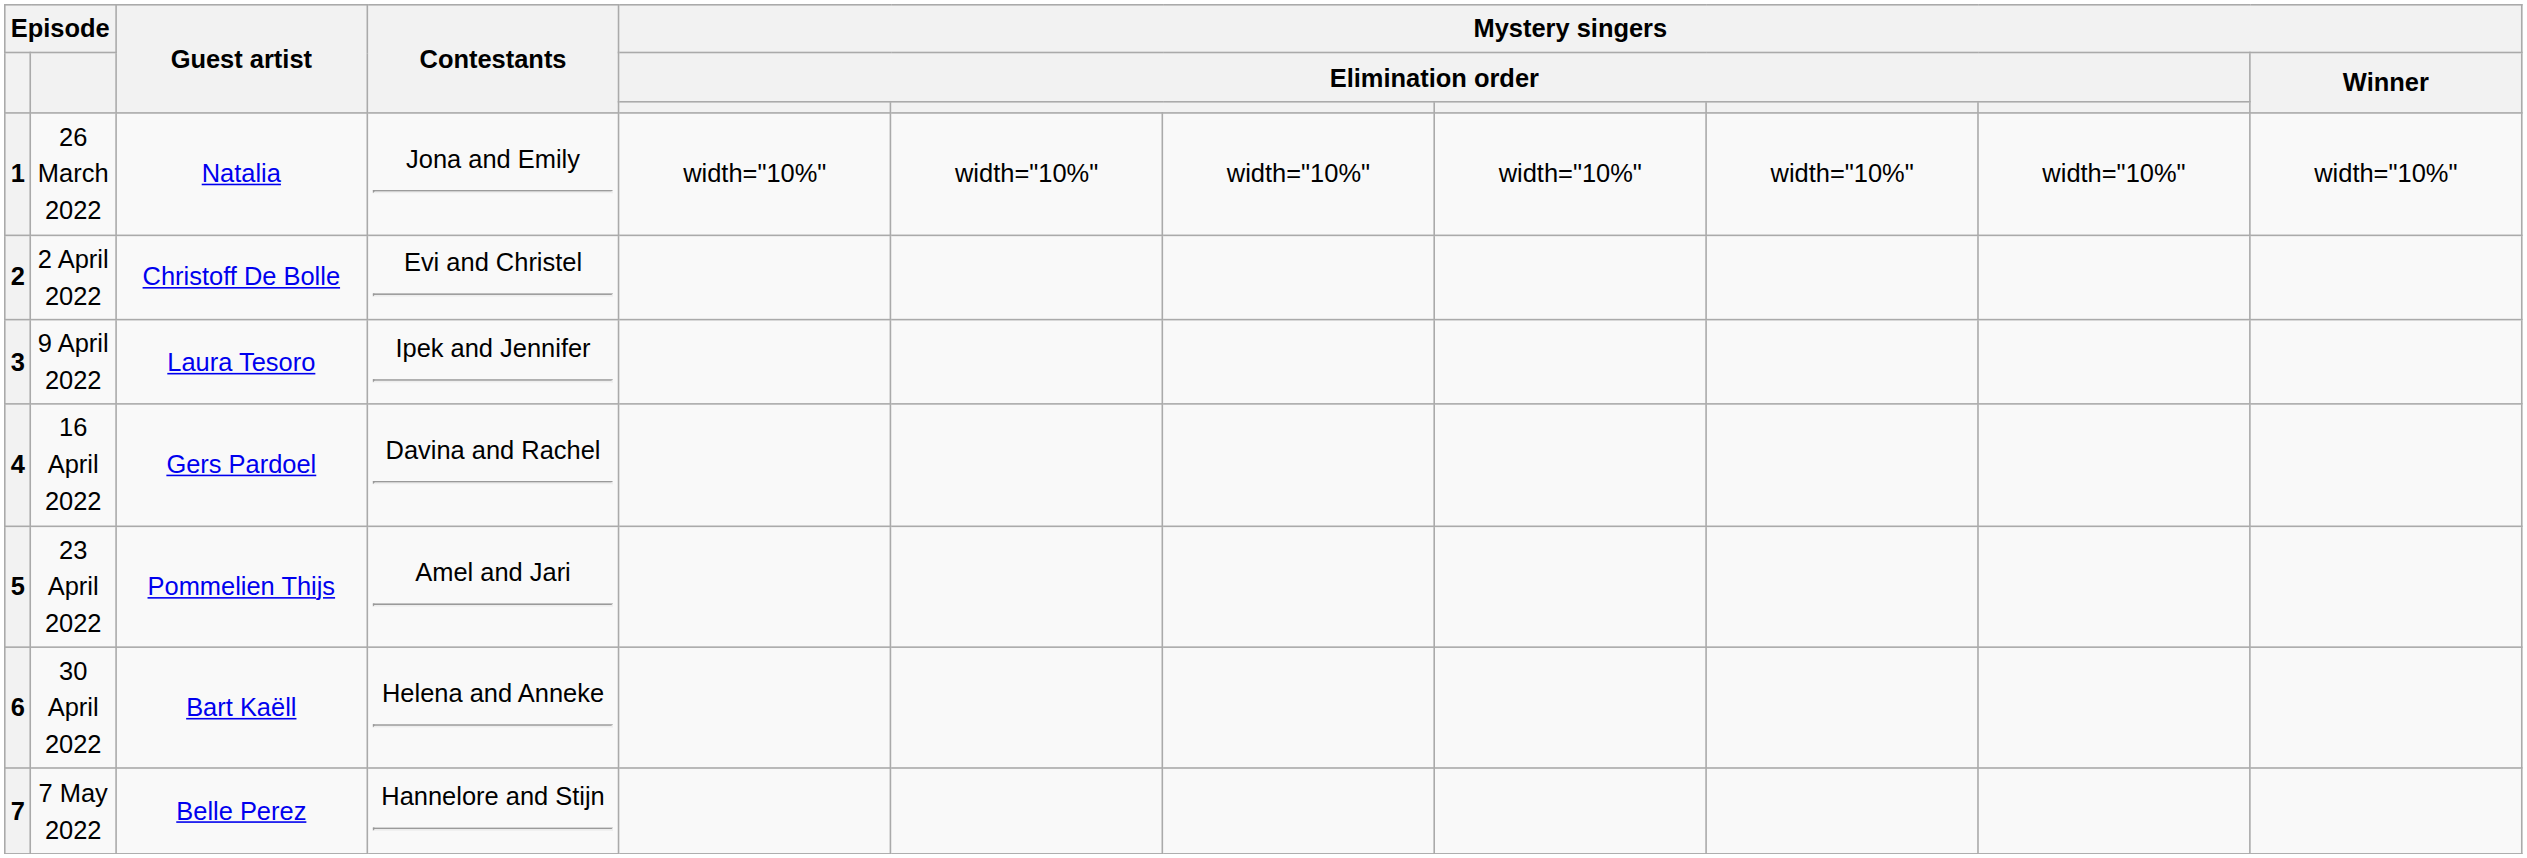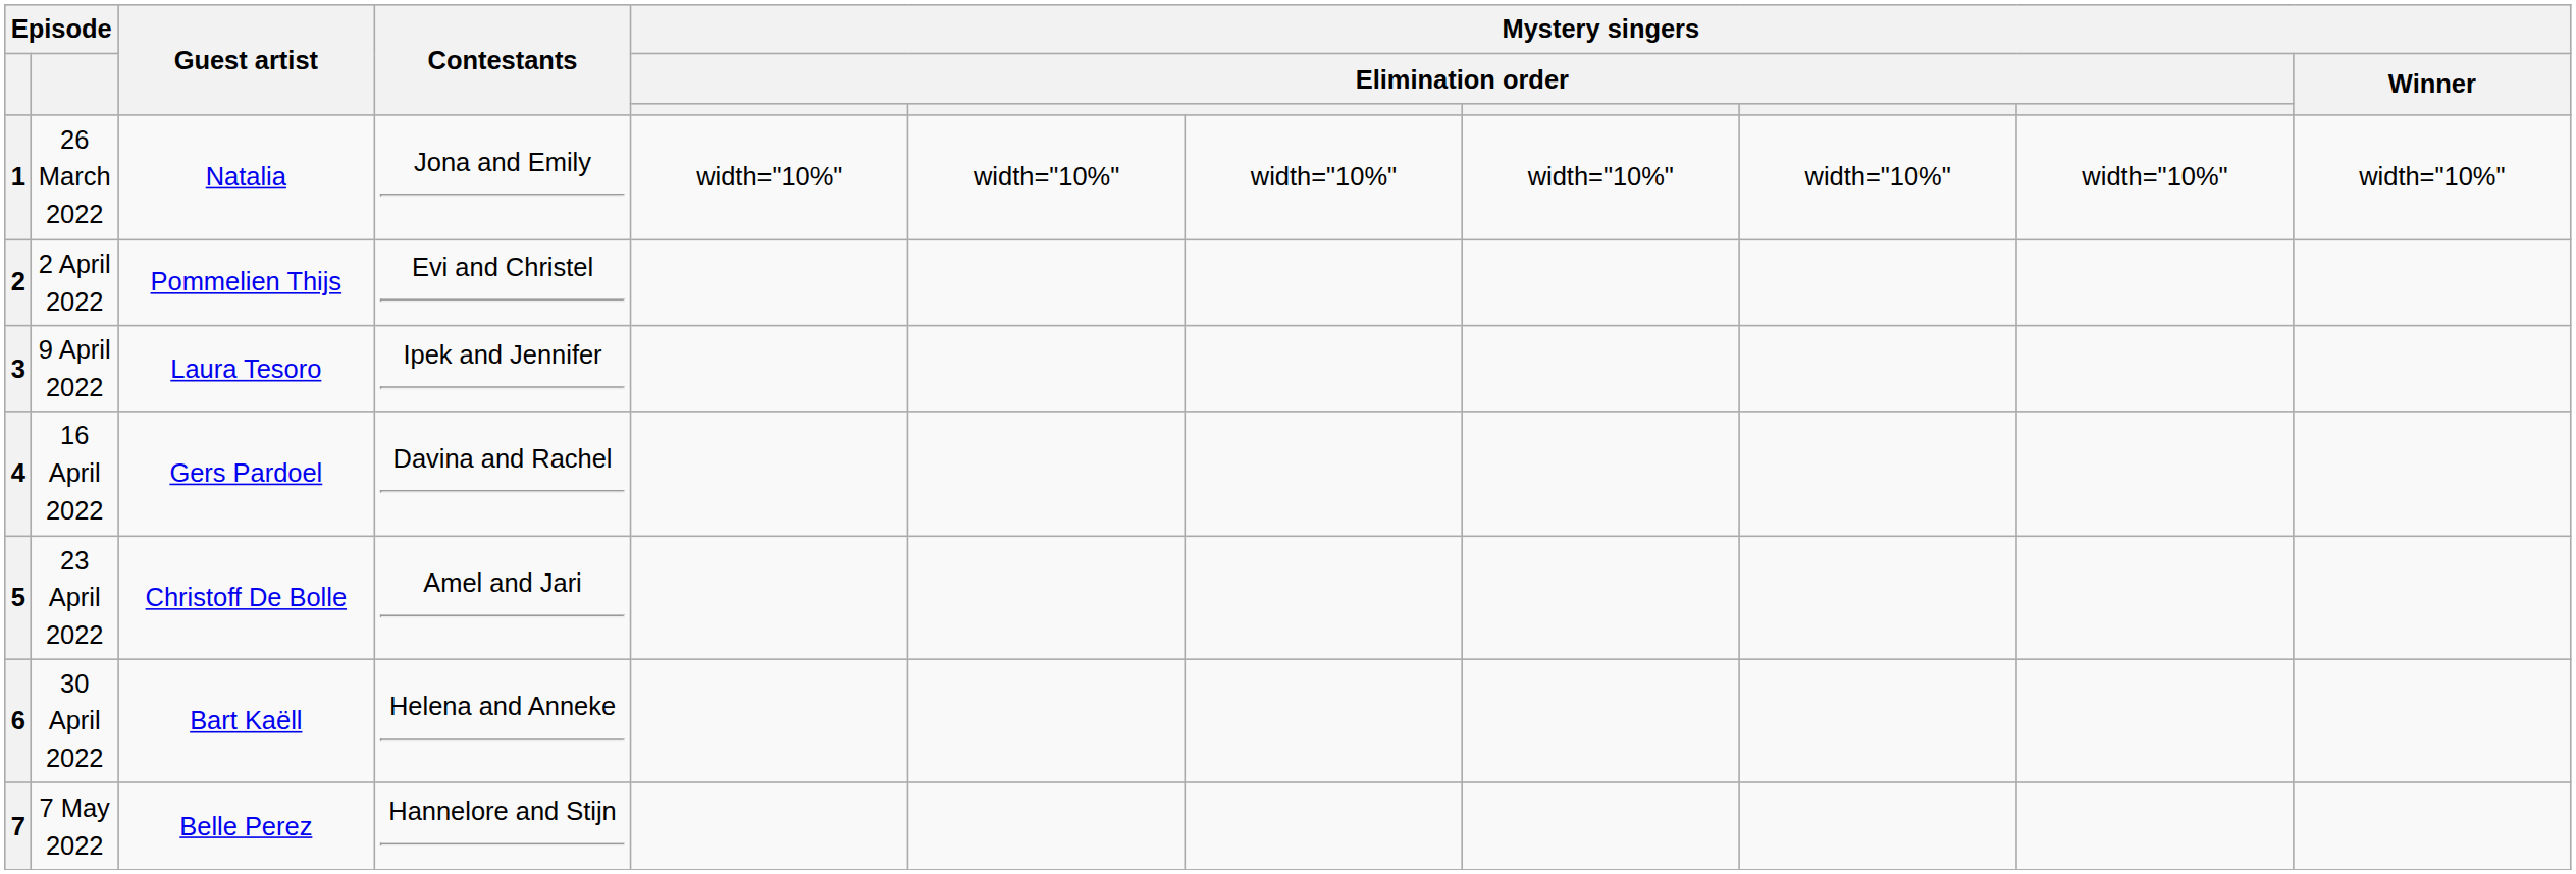 <table class="wikitable plainrowheaders mw-collapsible" style="text-align:center; line-height:23px; width:100%;">
 <tr>
 <th colspan="2" width="1%">Episode</th>
 <th rowspan="3" width="10%">Guest artist</th>
 <th rowspan="3" width="10%">Contestants</th>
 <th colspan="7">Mystery singers<br></th>
 </tr>
 <tr>
 <th rowspan="2"></th>
 <th rowspan="2"></th>
 <th colspan="6">Elimination order</th>
 <th rowspan="2">Winner</th>
 </tr>
 <tr>
 <th></th>
 <th colspan="2"></th>
 <th></th>
 <th></th>
 <th></th>
 </tr>
 <tr>
 <th>1</th>
 <td>26 March 2022</td>
 <td><a href='#'>Natalia</a><br></td>
 <td>Jona and Emily<hr></td>
 <td>width="10%" </td>
 <td>width="10%" </td>
 <td>width="10%" </td>
 <td>width="10%" </td>
 <td>width="10%" </td>
 <td>width="10%" </td>
 <td>width="10%" </td>
 </tr>
 <tr>
 <th>2</th>
 <td>2 April 2022</td>
-<td><a href='#'>Christoff De Bolle</a><br></td>
+<td><a href='#'>Pommelien Thijs</a></td>
 <td>Evi and Christel<hr></td>
 <td></td>
 <td></td>
 <td></td>
 <td></td>
 <td></td>
 <td></td>
 <td></td>
 </tr>
 <tr>
 <th>3</th>
 <td>9 April 2022</td>
 <td><a href='#'>Laura Tesoro</a><br></td>
 <td>Ipek and Jennifer<hr></td>
 <td></td>
 <td></td>
 <td></td>
 <td></td>
 <td></td>
 <td></td>
 <td></td>
 </tr>
 <tr>
 <th>4</th>
 <td>16 April 2022</td>
 <td><a href='#'>Gers Pardoel</a></td>
 <td>Davina and Rachel<hr></td>
 <td></td>
 <td></td>
 <td></td>
 <td></td>
 <td></td>
 <td></td>
 <td></td>
 </tr>
 <tr>
 <th>5</th>
 <td>23 April 2022</td>
-<td><a href='#'>Pommelien Thijs</a></td>
+<td><a href='#'>Christoff De Bolle</a><br></td>
 <td>Amel and Jari<hr></td>
 <td></td>
 <td></td>
 <td></td>
 <td></td>
 <td></td>
 <td></td>
 <td></td>
 </tr>
 <tr>
 <th>6</th>
 <td>30 April 2022</td>
 <td><a href='#'>Bart Kaëll</a><br></td>
 <td>Helena and Anneke<hr></td>
 <td></td>
 <td></td>
 <td></td>
 <td></td>
 <td></td>
 <td></td>
 <td></td>
 </tr>
 <tr>
 <th>7</th>
 <td>7 May 2022</td>
 <td><a href='#'>Belle Perez</a><br></td>
 <td>Hannelore and Stijn<hr></td>
 <td></td>
 <td></td>
 <td></td>
 <td></td>
 <td></td>
 <td></td>
 <td></td>
 </tr>
 </table>
